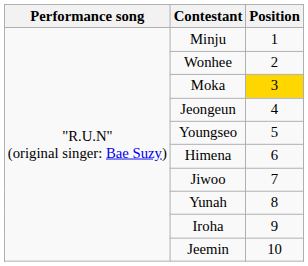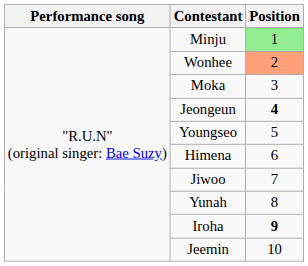 <table class="wikitable collapsible" style="text-align:center">
 <tr>
 <th>Performance song</th>
 <th>Contestant</th>
 <th colspan="2">Position</th>
 </tr>
 <tr>
 <td rowspan="10">"R.U.N"<br>(original singer: <a href='#'>Bae Suzy</a>)</td>
 <td>Minju</td>
-<td>1</td>
+<td style="background: lightgreen;">1</td>
 </tr>
 <tr>
 <td>Wonhee</td>
-<td>2</td>
+<td style="background: lightsalmon;">2</td>
 </tr>
 <tr>
 <td>Moka</td>
-<td style="background: gold;">3</td>
+<td>3</td>
 </tr>
 <tr>
 <td>Jeongeun</td>
-<td>4</td>
+<td><strong>4</strong></td>
 </tr>
 <tr>
 <td>Youngseo</td>
 <td>5</td>
 </tr>
 <tr>
 <td>Himena</td>
 <td>6</td>
 </tr>
 <tr>
 <td>Jiwoo</td>
 <td>7</td>
 </tr>
 <tr>
 <td>Yunah</td>
 <td>8</td>
 </tr>
 <tr>
 <td>Iroha</td>
-<td>9</td>
+<td><strong>9</strong></td>
 </tr>
 <tr>
 <td>Jeemin</td>
 <td>10</td>
 </tr>
 </table>
